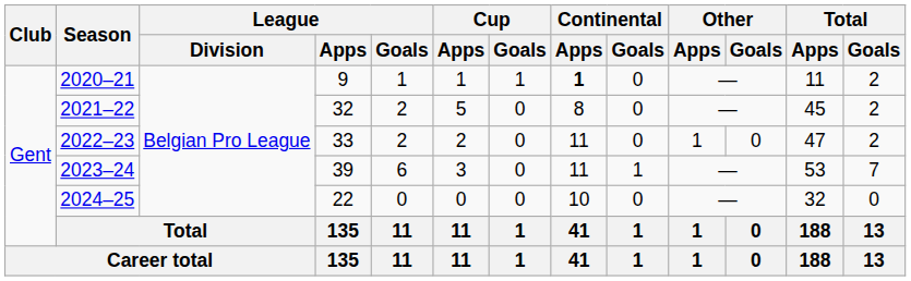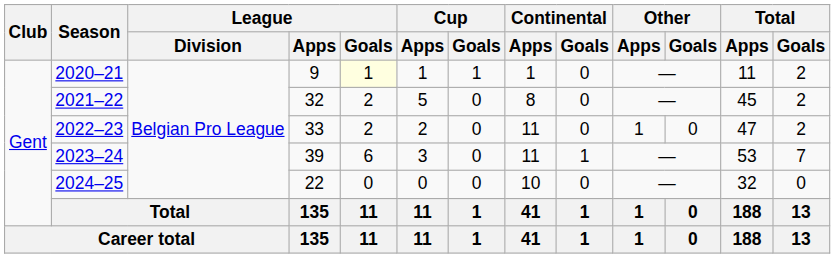 <table class="wikitable" style="text-align:center">
 <tr>
 <th rowspan="2">Club</th>
 <th rowspan="2">Season</th>
 <th colspan="3">League</th>
 <th colspan="2">Cup</th>
 <th colspan="2">Continental</th>
 <th colspan="2">Other</th>
 <th colspan="2">Total</th>
 </tr>
 <tr>
 <th>Division</th>
 <th>Apps</th>
 <th>Goals</th>
 <th>Apps</th>
 <th>Goals</th>
 <th>Apps</th>
 <th>Goals</th>
 <th>Apps</th>
 <th>Goals</th>
 <th>Apps</th>
 <th>Goals</th>
 </tr>
 <tr>
 <td rowspan="6"><a href='#'>Gent</a></td>
 <td><a href='#'>2020–21</a></td>
 <td rowspan="5"><a href='#'>Belgian Pro League</a></td>
 <td>9</td>
+<td style="background: lightyellow;">1</td>
 <td>1</td>
 <td>1</td>
 <td>1</td>
-<td><strong>1</strong></td>
 <td>0</td>
 <td colspan="2">—</td>
 <td>11</td>
 <td>2</td>
 </tr>
 <tr>
 <td><a href='#'>2021–22</a></td>
 <td>32</td>
 <td>2</td>
 <td>5</td>
 <td>0</td>
 <td>8</td>
 <td>0</td>
 <td colspan="2">—</td>
 <td>45</td>
 <td>2</td>
 </tr>
 <tr>
 <td><a href='#'>2022–23</a></td>
 <td>33</td>
 <td>2</td>
 <td>2</td>
 <td>0</td>
 <td>11</td>
 <td>0</td>
 <td>1</td>
 <td>0</td>
 <td>47</td>
 <td>2</td>
 </tr>
 <tr>
 <td><a href='#'>2023–24</a></td>
 <td>39</td>
 <td>6</td>
 <td>3</td>
 <td>0</td>
 <td>11</td>
 <td>1</td>
 <td colspan="2">—</td>
 <td>53</td>
 <td>7</td>
 </tr>
 <tr>
 <td><a href='#'>2024–25</a></td>
 <td>22</td>
 <td>0</td>
 <td>0</td>
 <td>0</td>
 <td>10</td>
 <td>0</td>
 <td colspan="2">—</td>
 <td>32</td>
 <td>0</td>
 </tr>
 <tr>
 <th colspan="2">Total</th>
 <th>135</th>
 <th>11</th>
 <th>11</th>
 <th>1</th>
 <th>41</th>
 <th>1</th>
 <th>1</th>
 <th>0</th>
 <th>188</th>
 <th>13</th>
 </tr>
 <tr>
 <th colspan="3">Career total</th>
 <th>135</th>
 <th>11</th>
 <th>11</th>
 <th>1</th>
 <th>41</th>
 <th>1</th>
 <th>1</th>
 <th>0</th>
 <th>188</th>
 <th>13</th>
 </tr>
 </table>
